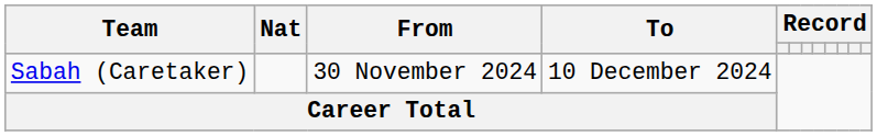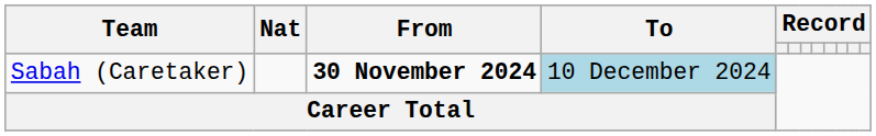 <table class="wikitable" style="text-align: center;">
 <tr>
 <th rowspan="2">Team</th>
 <th rowspan="2">Nat</th>
 <th rowspan="2">From</th>
 <th rowspan="2">To</th>
 <th colspan="8">Record</th>
 </tr>
 <tr>
 <th></th>
 <th></th>
 <th></th>
 <th></th>
 <th></th>
 <th></th>
 <th></th>
 <th></th>
 </tr>
 <tr>
 <td align="left"><a href='#'>Sabah</a> (Caretaker)</td>
 <td></td>
-<td align="left">30 November 2024</td>
-<td align="left">10 December 2024<br></td>
+<td align="left"><strong>30 November 2024</strong></td>
+<td align="left" style="background: lightblue;">10 December 2024<br></td>
 </tr>
 <tr>
 <th colspan="4">Career Total<br></th>
 </tr>
 </table>
